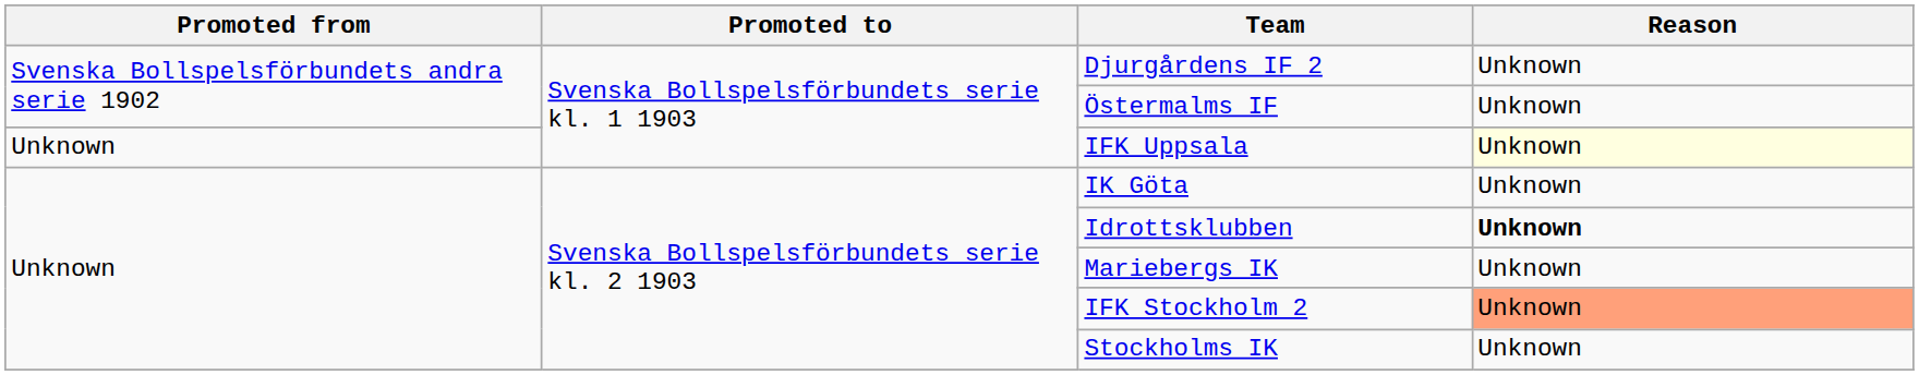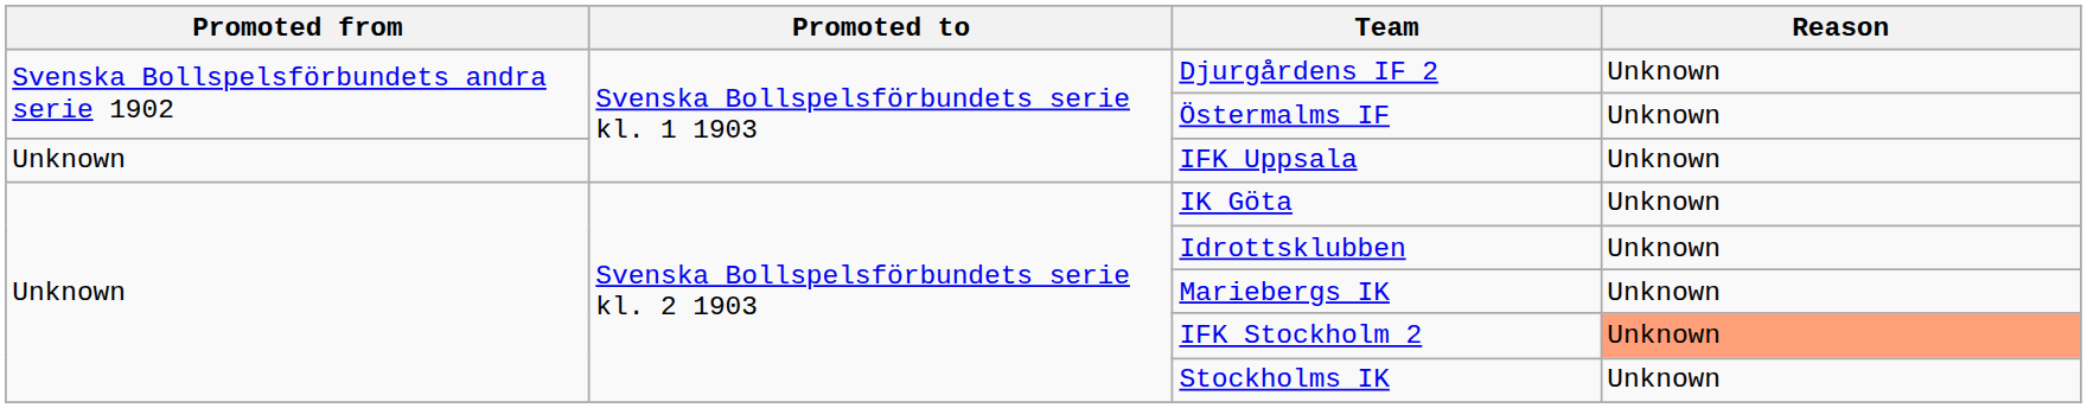 <table class="wikitable" style="text-align: left;">
 <tr>
 <th style="width: 275px;">Promoted from</th>
 <th style="width: 275px;">Promoted to</th>
 <th style="width: 200px;">Team</th>
 <th style="width: 225px;">Reason</th>
 </tr>
 <tr>
 <td rowspan=2><a href='#'>Svenska Bollspelsförbundets andra serie</a> 1902</td>
 <td rowspan=3><a href='#'>Svenska Bollspelsförbundets serie</a> kl. 1 1903</td>
 <td><a href='#'>Djurgårdens IF 2</a></td>
 <td>Unknown</td>
 </tr>
 <tr>
 <td><a href='#'>Östermalms IF</a></td>
 <td>Unknown</td>
 </tr>
 <tr>
 <td>Unknown</td>
 <td><a href='#'>IFK Uppsala</a></td>
-<td style="background: lightyellow;">Unknown</td>
+<td>Unknown</td>
 </tr>
 <tr>
 <td rowspan=5>Unknown</td>
 <td rowspan=5><a href='#'>Svenska Bollspelsförbundets serie</a> kl. 2 1903</td>
 <td><a href='#'>IK Göta</a></td>
 <td>Unknown</td>
 </tr>
 <tr>
 <td><a href='#'>Idrottsklubben</a></td>
-<td><strong>Unknown</strong></td>
+<td>Unknown</td>
 </tr>
 <tr>
 <td><a href='#'>Mariebergs IK</a></td>
 <td>Unknown</td>
 </tr>
 <tr>
 <td><a href='#'>IFK Stockholm 2</a></td>
 <td style="background: lightsalmon;">Unknown</td>
 </tr>
 <tr>
 <td><a href='#'>Stockholms IK</a></td>
 <td>Unknown</td>
 </tr>
 </table>
